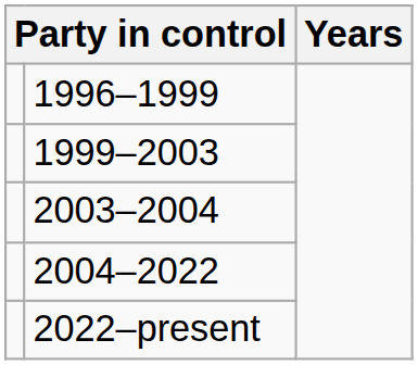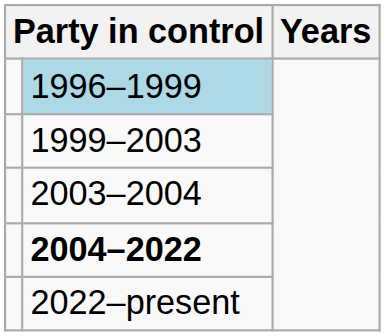 <table class="wikitable">
 <tr>
 <th colspan="2">Party in control</th>
 <th>Years</th>
 </tr>
 <tr>
 <td></td>
-<td>1996–1999</td>
+<td style="background: lightblue;">1996–1999</td>
 </tr>
 <tr>
 <td></td>
 <td>1999–2003</td>
 </tr>
 <tr>
 <td></td>
 <td>2003–2004</td>
 </tr>
 <tr>
 <td></td>
-<td>2004–2022</td>
+<td><strong>2004–2022</strong></td>
 </tr>
 <tr>
 <td></td>
 <td>2022–present</td>
 </tr>
 </table>
